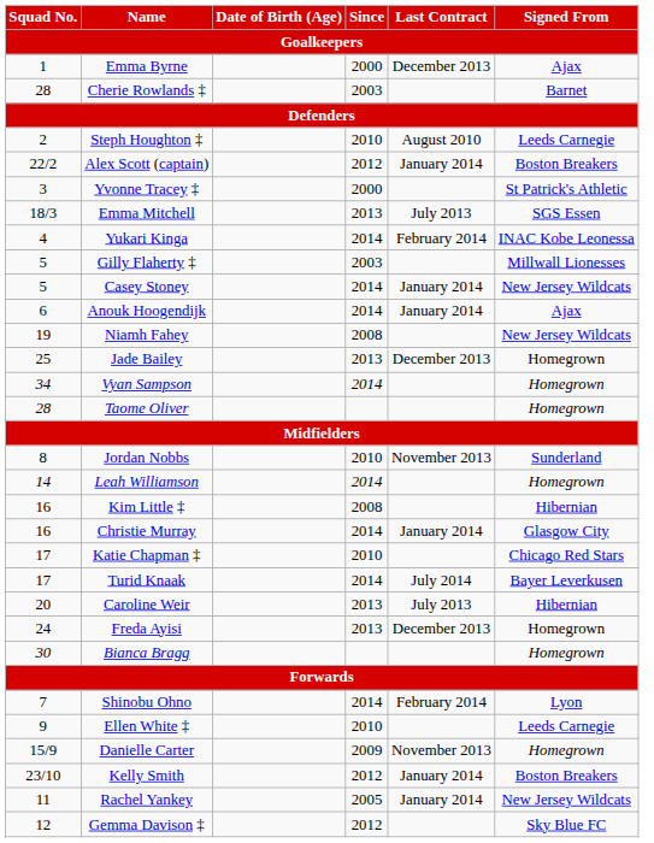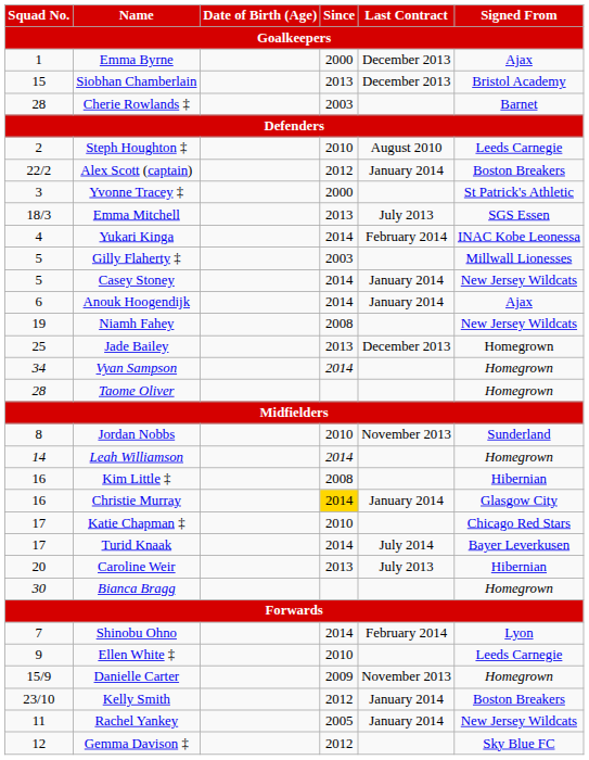 <table class="wikitable" style="text-align:center; font-size:100%; ">
 <tr>
 <th style="background:#d50000; color:white; text-align:center;">Squad No.</th>
 <th style="background:#d50000; color:white; text-align:center;">Name</th>
 <th style="background:#d50000; color:white; text-align:center;">Date of Birth (Age)</th>
 <th style="background:#d50000; color:white; text-align:center;">Since</th>
 <th style="background:#d50000; color:white; text-align:center;">Last Contract</th>
 <th style="background:#d50000; color:white; text-align:center;">Signed From</th>
 </tr>
 <tr>
 <th colspan="6" style="background:#d50000; color:white; text-align:center">Goalkeepers</th>
 </tr>
 <tr>
 <td>1</td>
 <td> <a href='#'>Emma Byrne</a></td>
 <td></td>
 <td>2000</td>
 <td>December 2013</td>
 <td> <a href='#'>Ajax</a></td>
+</tr>
+<tr>
+<td>15</td>
+<td><em></em> <a href='#'>Siobhan Chamberlain</a></td>
+<td></td>
+<td>2013</td>
+<td>December 2013</td>
+<td> <a href='#'>Bristol Academy</a></td>
 </tr>
 <tr>
 <td>28</td>
 <td><em></em> <a href='#'>Cherie Rowlands</a> ‡</td>
 <td></td>
 <td>2003</td>
 <td></td>
 <td> <a href='#'>Barnet</a></td>
 </tr>
 <tr>
 <th colspan="6" style="background:#d50000; color:white; text-align:center">Defenders</th>
 </tr>
 <tr>
 <td>2</td>
 <td> <a href='#'>Steph Houghton</a> ‡</td>
 <td></td>
 <td>2010</td>
 <td>August 2010</td>
 <td> <a href='#'>Leeds Carnegie</a></td>
 </tr>
 <tr>
 <td>22/2</td>
 <td> <a href='#'>Alex Scott</a> (<a href='#'>captain</a>)</td>
 <td></td>
 <td>2012</td>
 <td>January 2014</td>
 <td> <a href='#'>Boston Breakers</a></td>
 </tr>
 <tr>
 <td>3</td>
 <td> <a href='#'>Yvonne Tracey</a> ‡</td>
 <td></td>
 <td>2000</td>
 <td></td>
 <td> <a href='#'>St Patrick's Athletic</a></td>
 </tr>
 <tr>
 <td>18/3</td>
 <td> <a href='#'>Emma Mitchell</a></td>
 <td></td>
 <td>2013</td>
 <td>July 2013</td>
 <td> <a href='#'>SGS Essen</a></td>
 </tr>
 <tr>
 <td>4</td>
 <td> <a href='#'>Yukari Kinga</a></td>
 <td></td>
 <td>2014</td>
 <td>February 2014</td>
 <td> <a href='#'>INAC Kobe Leonessa</a></td>
 </tr>
 <tr>
 <td>5</td>
 <td> <a href='#'>Gilly Flaherty</a> ‡</td>
 <td></td>
 <td>2003</td>
 <td></td>
 <td> <a href='#'>Millwall Lionesses</a></td>
 </tr>
 <tr>
 <td>5</td>
 <td> <a href='#'>Casey Stoney</a></td>
 <td></td>
 <td>2014</td>
 <td>January 2014</td>
 <td> <a href='#'>New Jersey Wildcats</a></td>
 </tr>
 <tr>
 <td>6</td>
 <td> <a href='#'>Anouk Hoogendijk</a></td>
 <td></td>
 <td>2014</td>
 <td>January 2014 </td>
 <td> <a href='#'>Ajax</a></td>
 </tr>
 <tr>
 <td>19</td>
 <td> <a href='#'>Niamh Fahey</a></td>
 <td></td>
 <td>2008</td>
 <td></td>
 <td> <a href='#'>New Jersey Wildcats</a></td>
 </tr>
 <tr>
 <td>25</td>
 <td> <a href='#'>Jade Bailey</a></td>
 <td></td>
 <td>2013</td>
 <td>December 2013</td>
 <td>Homegrown</td>
 </tr>
 <tr>
 <td><em>34</em></td>
 <td><em> <a href='#'>Vyan Sampson</a></em></td>
 <td><em></em></td>
 <td><em>2014</em></td>
 <td></td>
 <td><em>Homegrown</em></td>
 </tr>
 <tr>
 <td><em>28</em></td>
 <td><em> <a href='#'>Taome Oliver</a></em></td>
 <td><em></em></td>
 <td></td>
 <td></td>
 <td><em>Homegrown</em></td>
 </tr>
 <tr>
 <th colspan="6" style="background:#d50000; color:white; text-align:center">Midfielders</th>
 </tr>
 <tr>
 <td>8</td>
 <td> <a href='#'>Jordan Nobbs</a></td>
 <td></td>
 <td>2010</td>
 <td>November 2013</td>
 <td> <a href='#'>Sunderland</a></td>
 </tr>
 <tr>
 <td><em>14</em></td>
 <td><em> <a href='#'>Leah Williamson</a></em></td>
 <td><em></em></td>
 <td><em>2014</em></td>
 <td></td>
 <td><em>Homegrown</em></td>
 </tr>
 <tr>
 <td>16</td>
 <td> <a href='#'>Kim Little</a> ‡</td>
 <td></td>
 <td>2008</td>
 <td></td>
 <td> <a href='#'>Hibernian</a></td>
 </tr>
 <tr>
 <td>16</td>
 <td> <a href='#'>Christie Murray</a></td>
 <td></td>
-<td>2014</td>
+<td style="background: gold;">2014</td>
 <td>January 2014</td>
 <td> <a href='#'>Glasgow City</a></td>
 </tr>
 <tr>
 <td>17</td>
 <td><em></em> <a href='#'>Katie Chapman</a> ‡</td>
 <td></td>
 <td>2010</td>
 <td></td>
 <td> <a href='#'>Chicago Red Stars</a></td>
 </tr>
 <tr>
 <td>17</td>
 <td> <a href='#'>Turid Knaak</a></td>
 <td></td>
 <td>2014</td>
 <td>July 2014</td>
 <td> <a href='#'>Bayer Leverkusen</a></td>
 </tr>
 <tr>
 <td>20</td>
 <td> <a href='#'>Caroline Weir</a></td>
 <td></td>
 <td>2013</td>
 <td>July 2013</td>
 <td> <a href='#'>Hibernian</a></td>
-</tr>
-<tr>
-<td>24</td>
-<td> <a href='#'>Freda Ayisi</a></td>
-<td></td>
-<td>2013</td>
-<td>December 2013</td>
-<td>Homegrown</td>
 </tr>
 <tr>
 <td><em>30</em></td>
 <td><em> <a href='#'>Bianca Bragg</a></em></td>
 <td><em></em></td>
 <td></td>
 <td></td>
 <td><em>Homegrown</em></td>
 </tr>
 <tr>
 <th colspan="6" style="background:#d50000; color:white; text-align:center">Forwards</th>
 </tr>
 <tr>
 <td>7</td>
 <td> <a href='#'>Shinobu Ohno</a></td>
 <td></td>
 <td>2014</td>
 <td>February 2014</td>
 <td> <a href='#'>Lyon</a></td>
 </tr>
 <tr>
 <td>9</td>
 <td> <a href='#'>Ellen White</a> ‡</td>
 <td></td>
 <td>2010</td>
 <td></td>
 <td> <a href='#'>Leeds Carnegie</a></td>
 </tr>
 <tr>
 <td>15/9</td>
 <td> <a href='#'>Danielle Carter</a></td>
 <td></td>
 <td>2009</td>
 <td>November 2013</td>
 <td><em>Homegrown</em></td>
 </tr>
 <tr>
 <td>23/10</td>
 <td> <a href='#'>Kelly Smith</a></td>
 <td></td>
 <td>2012</td>
 <td>January 2014</td>
 <td> <a href='#'>Boston Breakers</a></td>
 </tr>
 <tr>
 <td>11</td>
 <td> <a href='#'>Rachel Yankey</a></td>
 <td></td>
 <td>2005</td>
 <td>January 2014</td>
 <td> <a href='#'>New Jersey Wildcats</a></td>
 </tr>
 <tr>
 <td>12</td>
 <td> <a href='#'>Gemma Davison</a> ‡</td>
 <td></td>
 <td>2012</td>
 <td></td>
 <td> <a href='#'>Sky Blue FC</a></td>
 </tr>
 </table>
